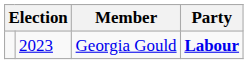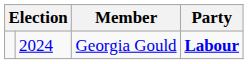 <table class="wikitable">
 <tr>
 <th colspan="2">Election</th>
 <th>Member</th>
 <th>Party</th>
 </tr>
 <tr>
 <td style="color:inherit;background-color: "></td>
-<td><a href='#'>2023</a></td>
+<td><a href='#'>2024</a></td>
 <td><a href='#'>Georgia Gould</a></td>
 <td><strong><a href='#'>Labour</a></strong></td>
 </tr>
 </table>
